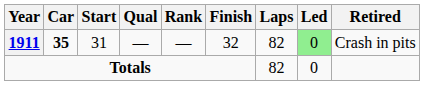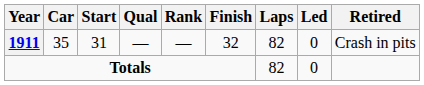 <table class="wikitable" style="text-align:center">
 <tr>
 <th>Year</th>
 <th>Car</th>
 <th>Start</th>
 <th>Qual</th>
 <th>Rank</th>
 <th>Finish</th>
 <th>Laps</th>
 <th>Led</th>
 <th>Retired</th>
 </tr>
 <tr>
 <th><a href='#'>1911</a></th>
-<td><strong>35</strong></td>
+<td>35</td>
 <td>31</td>
 <td>—</td>
 <td>—</td>
 <td>32</td>
 <td>82</td>
-<td style="background: lightgreen;">0</td>
+<td>0</td>
 <td>Crash in pits</td>
 </tr>
 <tr>
 <td colspan=6><strong>Totals</strong></td>
 <td>82</td>
 <td>0</td>
 <td></td>
 </tr>
 </table>
